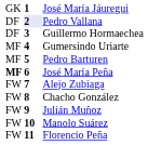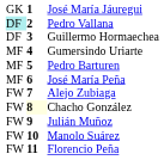 <table cellspacing="0" cellpadding="0" style="font-size:90%; margin:0.2em auto;">
 <tr>
 <th width="25"></th>
 <th width="25"></th>
 </tr>
 <tr>
 <td>GK</td>
 <td><strong>1</strong></td>
 <td> <a href='#'>José María Jáuregui</a></td>
 </tr>
 <tr>
-<td>DF</td>
-<td style="background: lavender;"><strong>2</strong></td>
+<td style="background: paleturquoise;">DF</td>
+<td><strong>2</strong></td>
 <td> <a href='#'>Pedro Vallana</a></td>
 </tr>
 <tr>
 <td>DF</td>
 <td><strong>3</strong></td>
 <td> Guillermo Hormaechea</td>
 </tr>
 <tr>
 <td>MF</td>
 <td><strong>4</strong></td>
 <td> Gumersindo Uriarte</td>
 </tr>
 <tr>
 <td>MF</td>
 <td><strong>5</strong></td>
 <td> <a href='#'>Pedro Barturen</a></td>
 </tr>
 <tr>
-<td><strong>MF</strong></td>
+<td>MF</td>
 <td><strong>6</strong></td>
 <td> <a href='#'>José María Peña</a></td>
 </tr>
 <tr>
 <td>FW</td>
 <td><strong>7</strong></td>
 <td> <a href='#'>Alejo Zubiaga</a></td>
 </tr>
 <tr>
 <td>FW</td>
-<td><strong>8</strong></td>
+<td style="background: lightyellow;"><strong>8</strong></td>
 <td> Chacho González</td>
 </tr>
 <tr>
 <td>FW</td>
 <td><strong>9</strong></td>
 <td> <a href='#'>Julián Muñoz</a></td>
 </tr>
 <tr>
 <td>FW</td>
 <td><strong>10</strong></td>
 <td> <a href='#'>Manolo Suárez</a></td>
 </tr>
 <tr>
 <td>FW</td>
 <td><strong>11</strong></td>
 <td> <a href='#'>Florencio Peña</a></td>
 </tr>
 <tr>
 </tr>
 </table>
